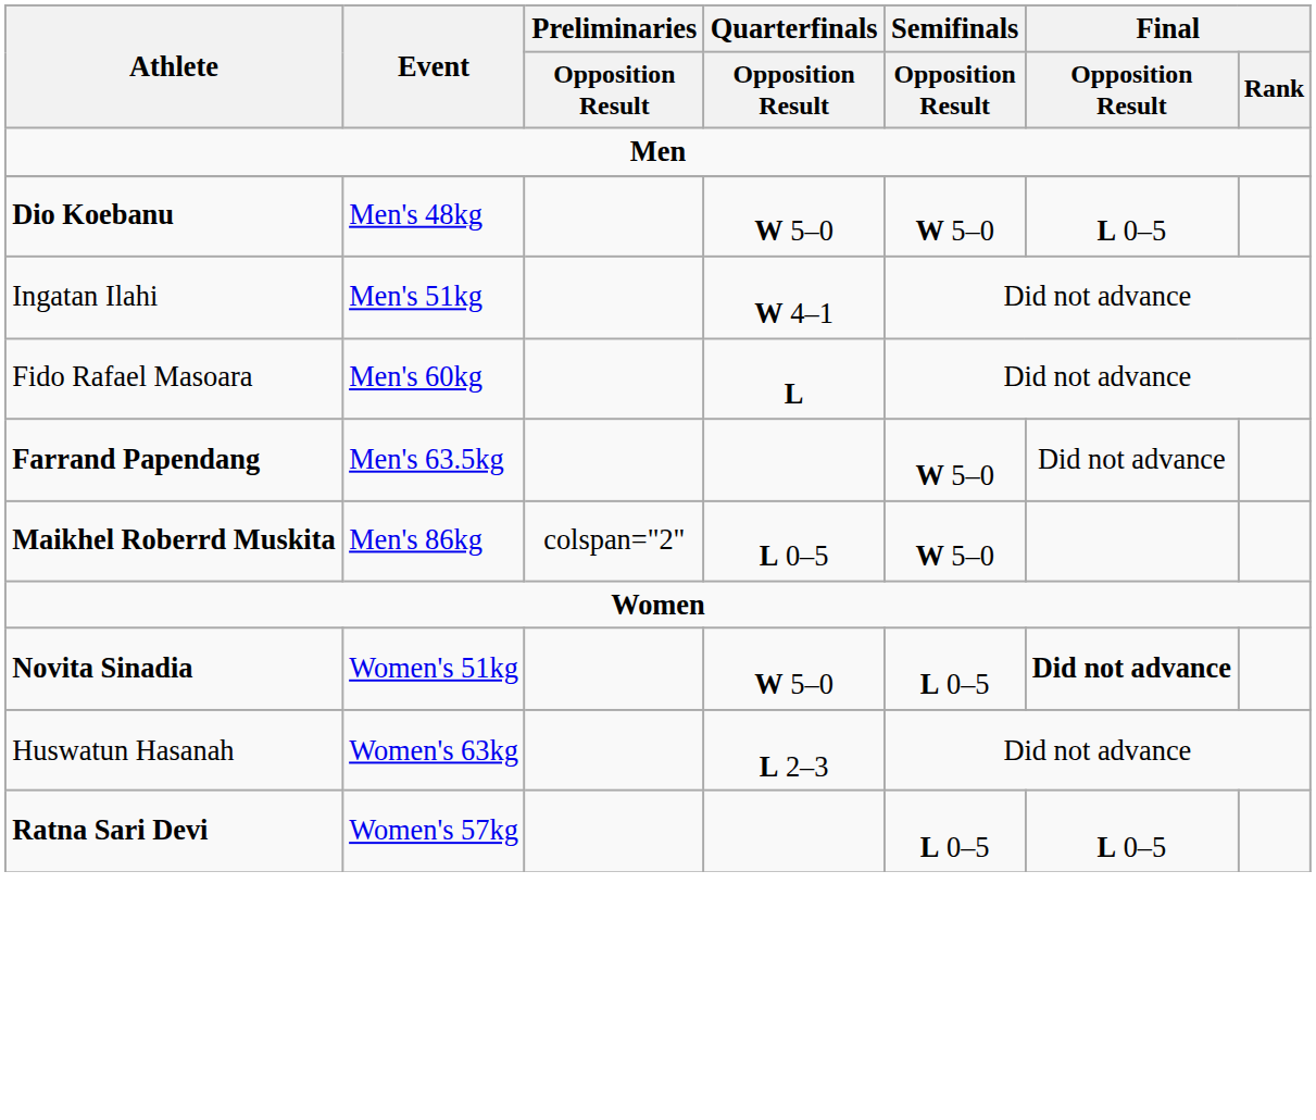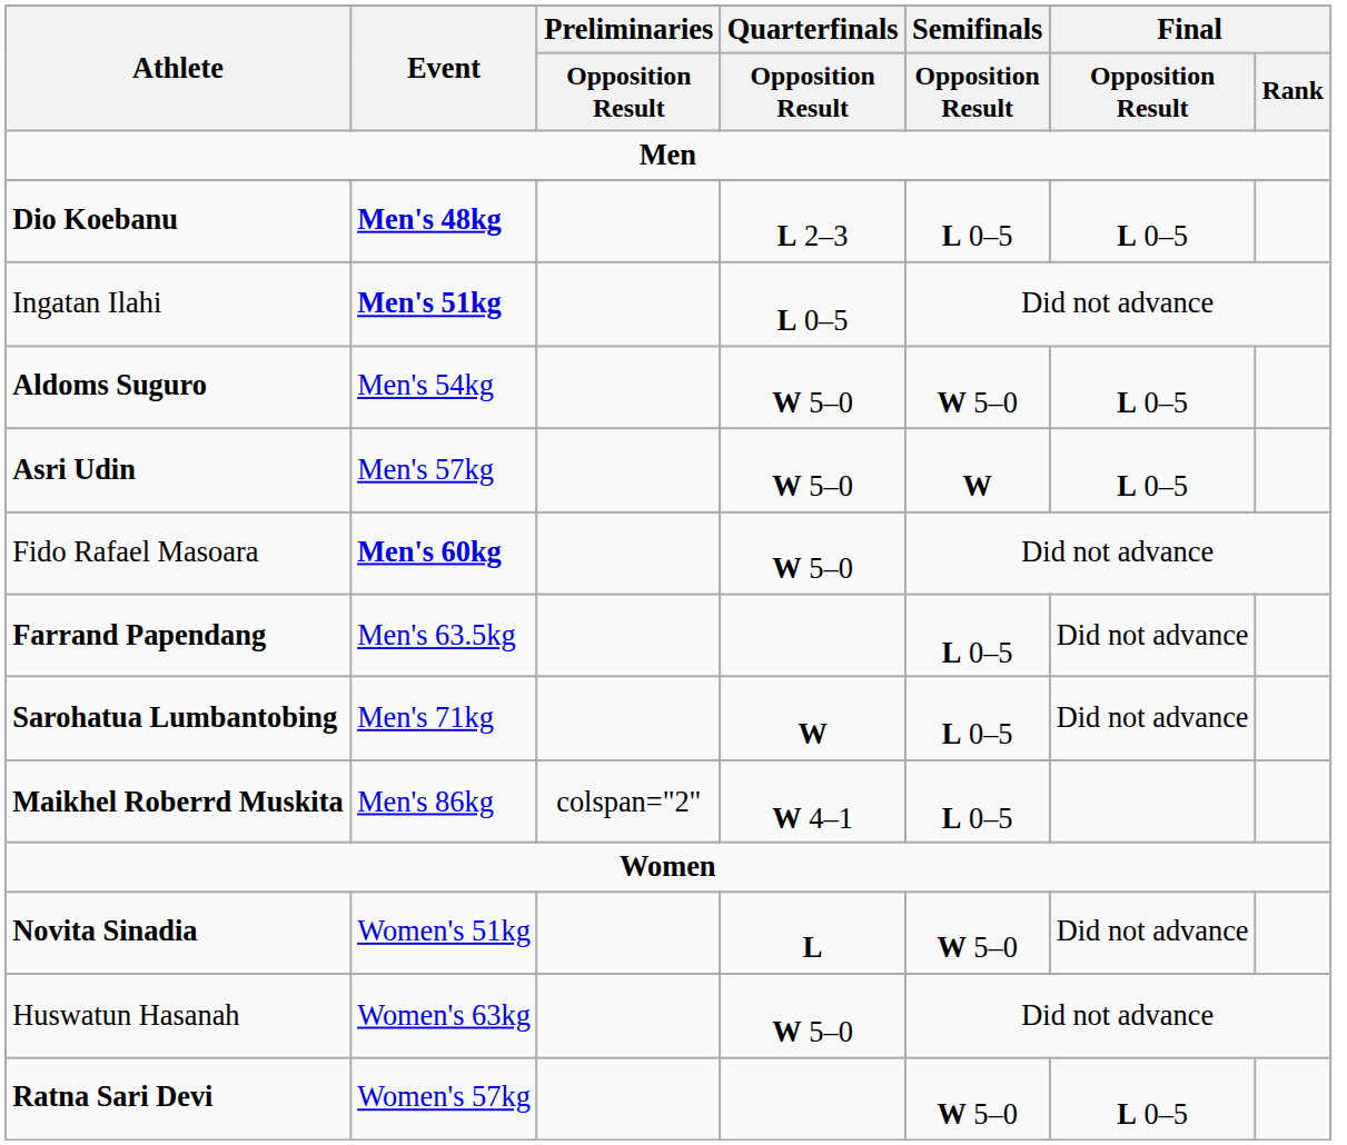 <table class="wikitable" style="font-size:85%">
 <tr>
 <th rowspan="2">Athlete</th>
 <th rowspan="2">Event</th>
 <th>Preliminaries</th>
 <th>Quarterfinals</th>
 <th>Semifinals</th>
 <th colspan=2>Final</th>
 </tr>
 <tr style="font-size:90%">
 <th>Opposition<br>Result</th>
 <th>Opposition<br>Result</th>
 <th>Opposition<br>Result</th>
 <th>Opposition<br>Result</th>
 <th>Rank</th>
 </tr>
 <tr>
 <td align=center colspan="7"><strong>Men</strong></td>
 </tr>
 <tr>
 </tr>
 <tr align=center>
 <td align=left><strong>Dio Koebanu</strong></td>
-<td align=left><a href='#'>Men's 48kg</a></td>
+<td align=left><strong><a href='#'>Men's 48kg</a></strong></td>
+<td></td>
+<td><br><strong>L</strong> 2–3</td>
+<td> <br><strong>L</strong> 0–5</td>
+<td><br><strong>L</strong> 0–5</td>
+<td></td>
+</tr>
+<tr align=center>
+<td align=left>Ingatan Ilahi</td>
+<td align=left><strong><a href='#'>Men's 51kg</a></strong></td>
+<td></td>
+<td><br><strong>L</strong> 0–5</td>
+<td colspan=3>Did not advance</td>
+</tr>
+<tr align=center>
+<td align=left><strong>Aldoms Suguro</strong></td>
+<td align=left><a href='#'>Men's 54kg</a></td>
 <td></td>
 <td><br><strong>W</strong> 5–0</td>
 <td><br><strong>W</strong> 5–0</td>
 <td><br><strong>L</strong> 0–5</td>
 <td></td>
 </tr>
 <tr align=center>
-<td align=left>Ingatan Ilahi</td>
-<td align=left><a href='#'>Men's 51kg</a></td>
+<td align=left><strong>Asri Udin</strong></td>
+<td align=left><a href='#'>Men's 57kg</a></td>
 <td></td>
-<td> <br><strong>W</strong> 4–1</td>
-<td colspan=3>Did not advance</td>
+<td><br><strong>W</strong> 5–0</td>
+<td><br><strong>W</strong> </td>
+<td><br><strong>L</strong> 0–5</td>
+<td></td>
 </tr>
 <tr align=center>
 <td align=left>Fido Rafael Masoara</td>
-<td align=left><a href='#'>Men's 60kg</a></td>
+<td align=left><strong><a href='#'>Men's 60kg</a></strong></td>
 <td></td>
-<td><br><strong>L</strong> </td>
+<td><br><strong>W</strong> 5–0</td>
 <td colspan="3">Did not advance</td>
 </tr>
 <tr align=center>
 <td align=left><strong>Farrand Papendang</strong></td>
 <td align=left><a href='#'>Men's 63.5kg</a></td>
 <td></td>
 <td></td>
-<td><br><strong>W</strong> 5–0</td>
+<td><br><strong>L</strong> 0–5</td>
+<td>Did not advance</td>
+<td></td>
+</tr>
+<tr align=center>
+<td align=left><strong>Sarohatua Lumbantobing</strong></td>
+<td align=left><a href='#'>Men's 71kg</a></td>
+<td></td>
+<td><br><strong>W</strong> </td>
+<td> <br><strong>L</strong> 0–5</td>
 <td>Did not advance</td>
 <td></td>
 </tr>
 <tr align=center>
 <td align=left><strong>Maikhel Roberrd Muskita</strong></td>
 <td align=left><a href='#'>Men's 86kg</a></td>
 <td>colspan="2" </td>
-<td><br><strong>L</strong> 0–5</td>
-<td><br><strong>W</strong> 5–0</td>
+<td> <br><strong>W</strong> 4–1</td>
+<td> <br><strong>L</strong> 0–5</td>
 <td></td>
 </tr>
 <tr>
 <td align=center colspan="7"><strong>Women</strong></td>
 </tr>
 <tr align=center>
 <td align=left><strong>Novita Sinadia</strong></td>
 <td align=left><a href='#'>Women's 51kg</a></td>
 <td></td>
+<td><br><strong>L</strong> </td>
 <td><br><strong>W</strong> 5–0</td>
-<td> <br><strong>L</strong> 0–5</td>
-<td><strong>Did not advance</strong></td>
+<td>Did not advance</td>
 <td></td>
 </tr>
 <tr align=center>
 <td align=left>Huswatun Hasanah</td>
 <td align=left><a href='#'>Women's 63kg</a></td>
 <td></td>
-<td><br><strong>L</strong> 2–3</td>
+<td><br><strong>W</strong> 5–0</td>
 <td colspan=3>Did not advance</td>
 </tr>
 <tr align=center>
 <td align=left><strong>Ratna Sari Devi</strong></td>
 <td align=left><a href='#'>Women's 57kg</a></td>
 <td></td>
 <td></td>
-<td><br><strong>L</strong> 0–5</td>
+<td><br><strong>W</strong> 5–0</td>
 <td><br><strong>L</strong> 0–5</td>
 <td></td>
 </tr>
 </table>
